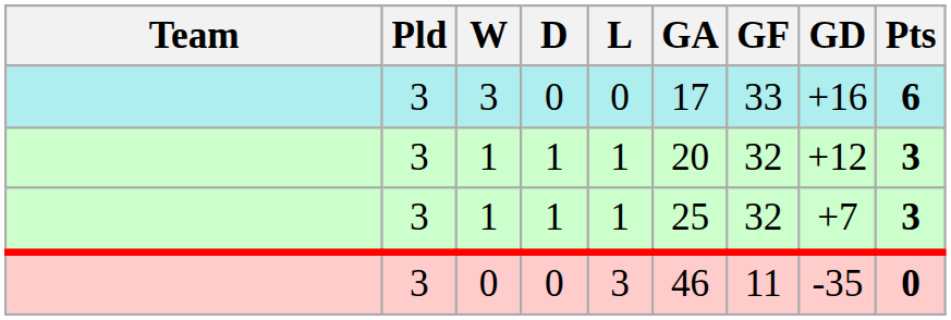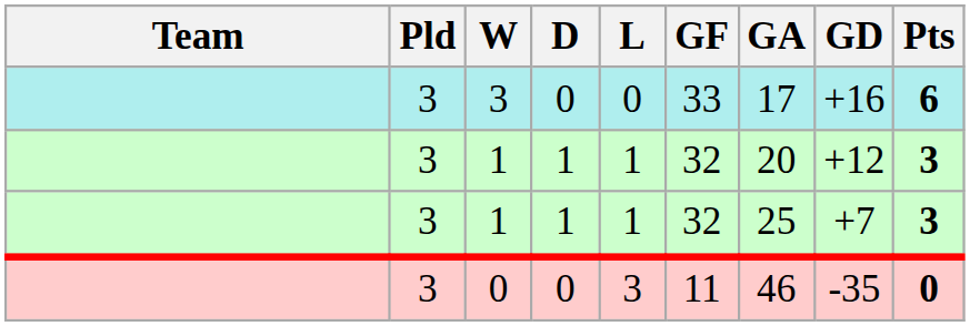 <table class="wikitable" style="text-align:center;">
 <tr>
 <th width=150>Team</th>
 <th width=20>Pld</th>
 <th width=20>W</th>
 <th width=20>D</th>
 <th width=20>L</th>
+<th width=20>GF</th>
 <th width=20>GA</th>
-<th width=20>GF</th>
 <th width=20>GD</th>
 <th width=20>Pts</th>
 </tr>
 <tr bgcolor="#afeeee">
 <td align="left"></td>
 <td>3</td>
 <td>3</td>
 <td>0</td>
 <td>0</td>
+<td>33</td>
 <td>17</td>
-<td>33</td>
 <td>+16</td>
 <td><strong>6</strong></td>
 </tr>
 <tr bgcolor="#ccffcc">
 <td align="left"></td>
 <td>3</td>
 <td>1</td>
 <td>1</td>
 <td>1</td>
+<td>32</td>
 <td>20</td>
-<td>32</td>
 <td>+12</td>
 <td><strong>3</strong></td>
 </tr>
 <tr bgcolor="#ccffcc" style ="border-bottom:3px solid red;">
 <td align="left"></td>
 <td>3</td>
 <td>1</td>
 <td>1</td>
 <td>1</td>
+<td>32</td>
 <td>25</td>
-<td>32</td>
 <td>+7</td>
 <td><strong>3</strong></td>
 </tr>
 <tr bgcolor="#ffcccc">
 <td align="left"></td>
 <td>3</td>
 <td>0</td>
 <td>0</td>
 <td>3</td>
+<td>11</td>
 <td>46</td>
-<td>11</td>
 <td>-35</td>
 <td><strong>0</strong></td>
 </tr>
 </table>
